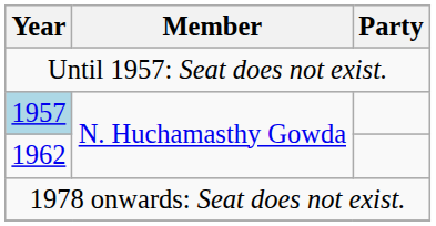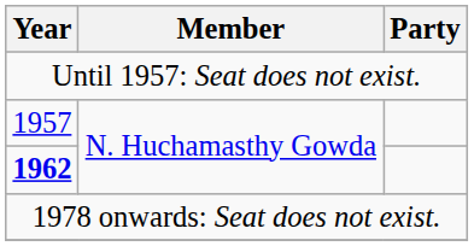 <table class="wikitable sortable">
 <tr>
 <th>Year</th>
 <th>Member</th>
 <th colspan="2">Party</th>
 </tr>
 <tr>
 <td colspan=4 align=center>Until 1957: <em>Seat does not exist.</em></td>
 </tr>
 <tr>
-<td style="background: lightblue;"><a href='#'>1957</a></td>
+<td><a href='#'>1957</a></td>
 <td rowspan=2><a href='#'>N. Huchamasthy Gowda</a></td>
 <td></td>
 </tr>
 <tr>
-<td><a href='#'>1962</a></td>
+<td><strong><a href='#'>1962</a></strong></td>
 </tr>
 <tr>
 <td colspan=4 align=center>1978 onwards: <em>Seat does not exist.</em></td>
 </tr>
 <tr>
 </tr>
 </table>
